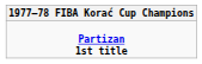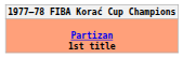 <table class=wikitable style="text-align:center; margin:auto">
 <tr>
 <th>1977–78 FIBA Korać Cup Champions</th>
 </tr>
 <tr>
-<td><br> <strong><a href='#'>Partizan</a></strong> <br> <strong>1st title</strong></td>
+<td style="background: lightsalmon;"><br> <strong><a href='#'>Partizan</a></strong> <br> <strong>1st title</strong></td>
 </tr>
 </table>
